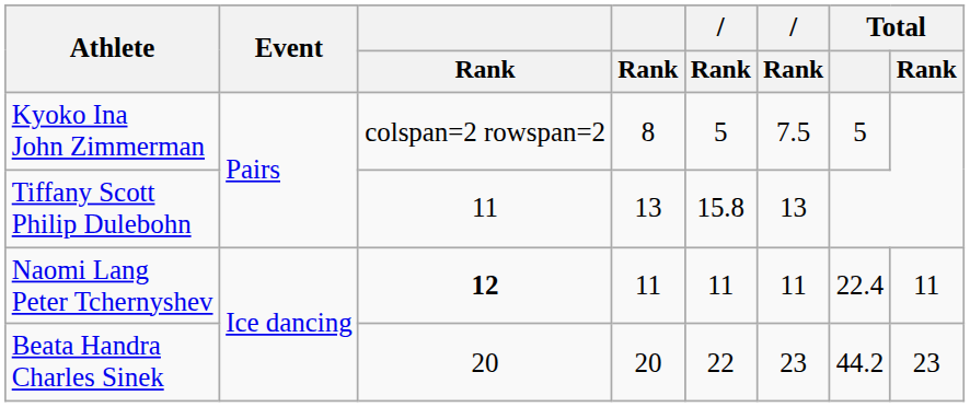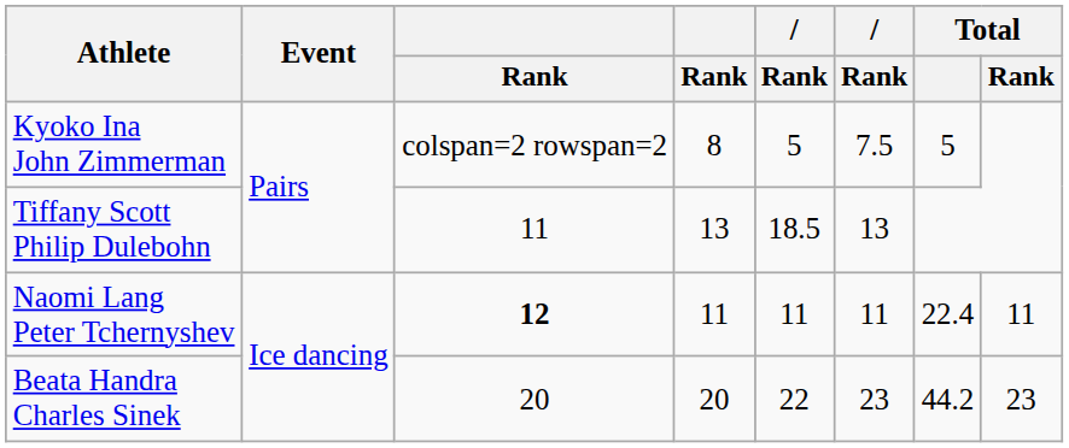 <table class=wikitable style=font-size:90%;text-align:center>
 <tr>
 <th rowspan=2>Athlete</th>
 <th rowspan=2>Event</th>
 <th></th>
 <th></th>
 <th> / </th>
 <th> / </th>
 <th colspan=2>Total</th>
 </tr>
 <tr style=font-size:95%>
 <th>Rank</th>
 <th>Rank</th>
 <th>Rank</th>
 <th>Rank</th>
 <th></th>
 <th>Rank</th>
 </tr>
 <tr>
 <td align=left><a href='#'>Kyoko Ina</a><br><a href='#'>John Zimmerman</a></td>
 <td align=left rowspan=2><a href='#'>Pairs</a></td>
 <td>colspan=2 rowspan=2 </td>
 <td>8</td>
 <td>5</td>
 <td>7.5</td>
 <td>5</td>
 </tr>
 <tr>
 <td align=left><a href='#'>Tiffany Scott</a><br><a href='#'>Philip Dulebohn</a></td>
 <td>11</td>
 <td>13</td>
-<td>15.8</td>
+<td>18.5</td>
 <td>13</td>
 </tr>
 <tr>
 <td align=left><a href='#'>Naomi Lang</a><br><a href='#'>Peter Tchernyshev</a></td>
 <td align=left rowspan=2><a href='#'>Ice dancing</a></td>
 <td><strong>12</strong></td>
 <td>11</td>
 <td>11</td>
 <td>11</td>
 <td>22.4</td>
 <td>11</td>
 </tr>
 <tr>
 <td align=left><a href='#'>Beata Handra</a><br><a href='#'>Charles Sinek</a></td>
 <td>20</td>
 <td>20</td>
 <td>22</td>
 <td>23</td>
 <td>44.2</td>
 <td>23</td>
 </tr>
 </table>
